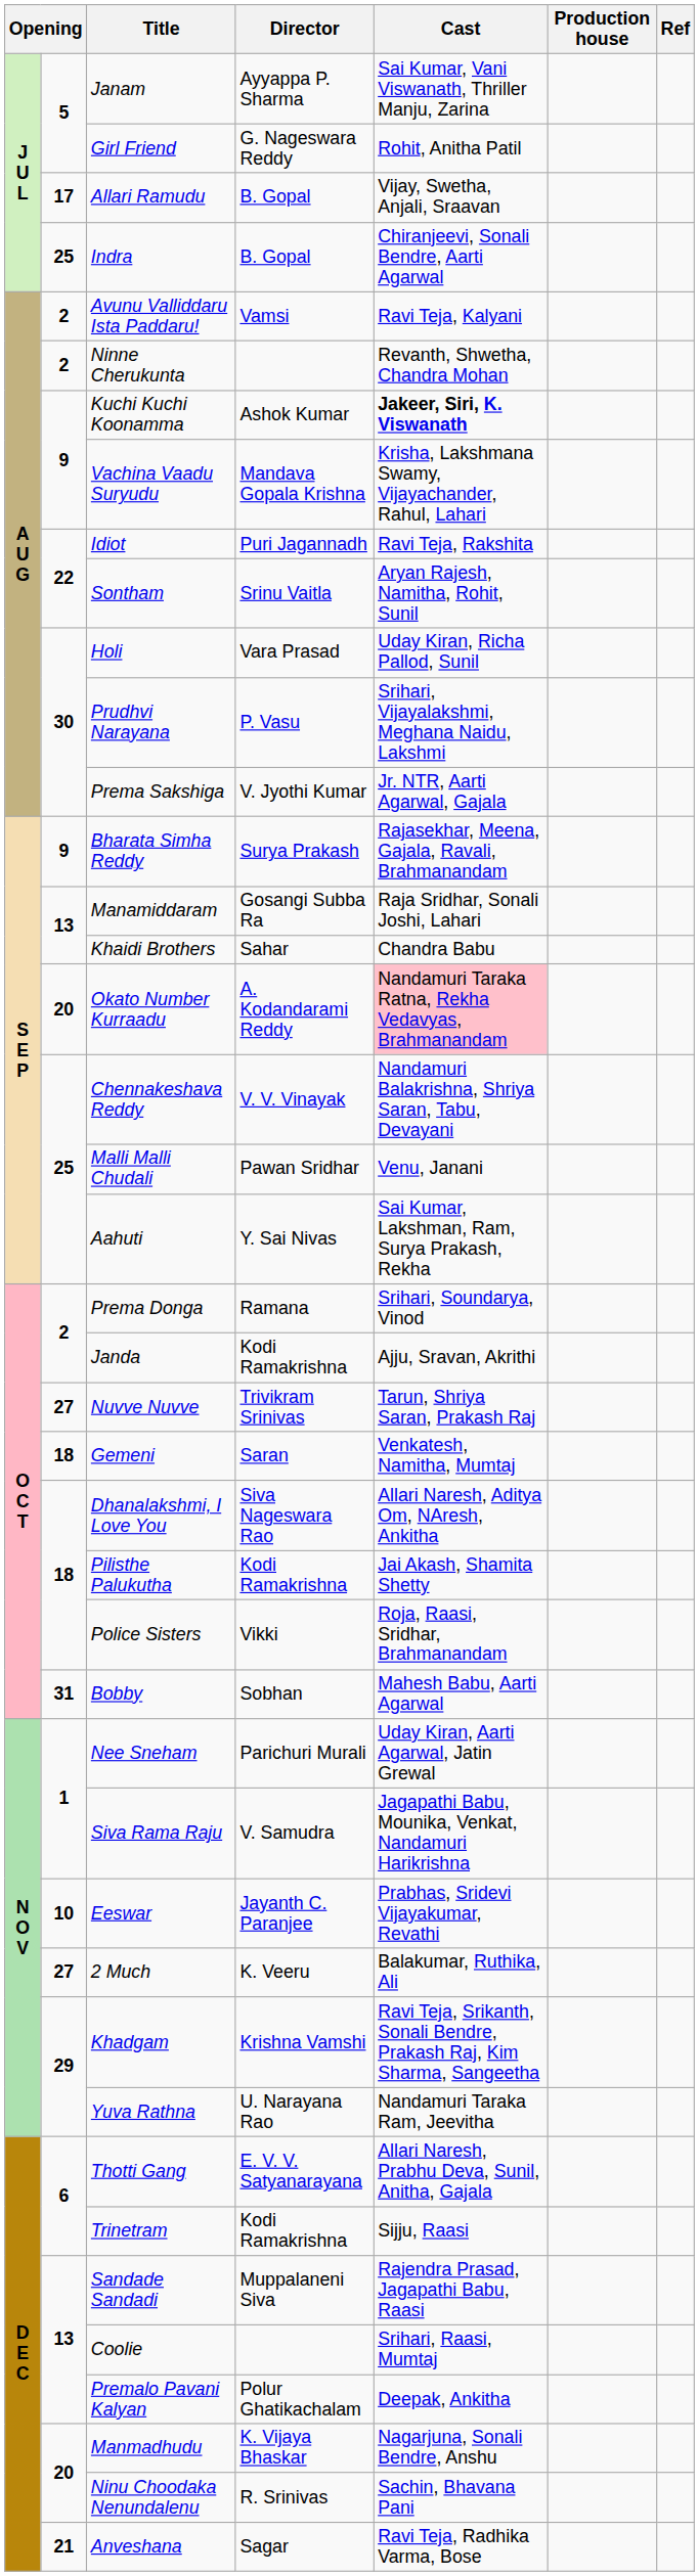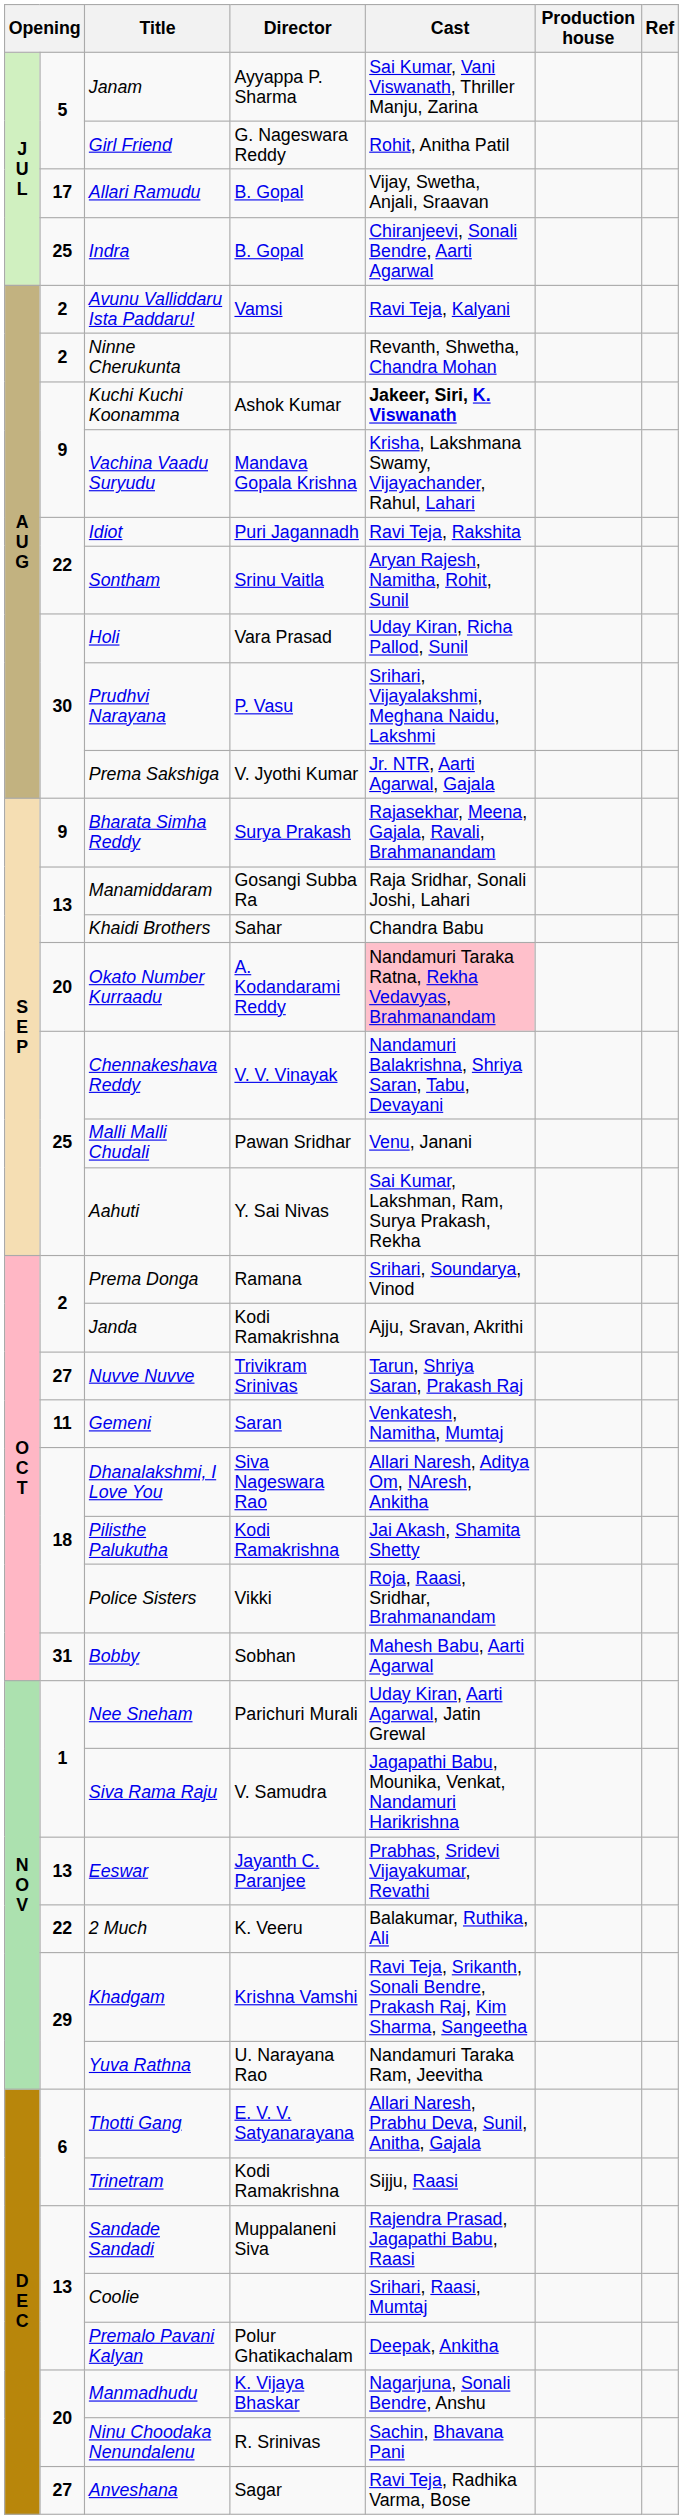 <table class="wikitable sortable">
 <tr style="background:#blue; text-align:center;">
 <th colspan="2">Opening</th>
 <th>Title</th>
 <th style="width:20%;"><strong>Director</strong></th>
 <th>Cast</th>
 <th>Production house</th>
 <th>Ref</th>
 </tr>
 <tr July!>
 <td rowspan="4" style="text-align:center; background:	#d0f0c0; textcolor:#000;"><strong>J<br>U<br>L</strong></td>
 <td rowspan="2" style="text-align:center;"><strong>5</strong></td>
 <td><em>Janam</em></td>
 <td>Ayyappa P. Sharma</td>
 <td><a href='#'>Sai Kumar</a>, <a href='#'>Vani Viswanath</a>, Thriller Manju, Zarina</td>
 <td></td>
 <td></td>
 </tr>
 <tr>
 <td><em><a href='#'>Girl Friend</a></em></td>
 <td>G. Nageswara Reddy</td>
 <td><a href='#'>Rohit</a>, Anitha Patil</td>
 <td></td>
 <td></td>
 </tr>
 <tr>
 <td rowspan="1" style="text-align:center;"><strong>17</strong></td>
 <td><em><a href='#'>Allari Ramudu</a></em></td>
 <td><a href='#'>B. Gopal</a></td>
 <td>Vijay, Swetha, Anjali, Sraavan</td>
 <td></td>
 <td></td>
 </tr>
 <tr>
 <td rowspan="1" style="text-align:center;"><strong>25</strong></td>
 <td><em><a href='#'>Indra</a></em></td>
 <td><a href='#'>B. Gopal</a></td>
 <td><a href='#'>Chiranjeevi</a>, <a href='#'>Sonali Bendre</a>, <a href='#'>Aarti Agarwal</a></td>
 <td></td>
 <td></td>
 </tr>
 <tr August!>
 <td rowspan="9" style="text-align:center; background:#c2b280;"><strong>A<br>U<br>G</strong></td>
 <td style="text-align:center;"><strong>2</strong></td>
 <td><em><a href='#'>Avunu Valliddaru Ista Paddaru!</a></em></td>
 <td><a href='#'>Vamsi</a></td>
 <td><a href='#'>Ravi Teja</a>, <a href='#'>Kalyani</a></td>
 <td></td>
 <td></td>
 </tr>
 <tr>
 <td rowspan="1" style="text-align:center;"><strong>2</strong></td>
 <td><em>Ninne Cherukunta</em></td>
 <td></td>
 <td>Revanth, Shwetha, <a href='#'>Chandra Mohan</a></td>
 <td></td>
 <td></td>
 </tr>
 <tr>
 <td rowspan="2" style="text-align:center;"><strong>9</strong></td>
 <td><em>Kuchi Kuchi Koonamma</em></td>
 <td>Ashok Kumar</td>
 <td><strong>Jakeer, Siri, <a href='#'>K. Viswanath</a></strong></td>
 <td></td>
 <td></td>
 </tr>
 <tr>
 <td><em><a href='#'>Vachina Vaadu Suryudu</a></em></td>
 <td><a href='#'>Mandava Gopala Krishna</a></td>
 <td><a href='#'>Krisha</a>, Lakshmana Swamy, <a href='#'>Vijayachander</a>, Rahul, <a href='#'>Lahari</a></td>
 <td></td>
 <td></td>
 </tr>
 <tr>
 <td rowspan="2" style="text-align:center;"><strong>22</strong></td>
 <td><em><a href='#'>Idiot</a></em></td>
 <td><a href='#'>Puri Jagannadh</a></td>
 <td><a href='#'>Ravi Teja</a>, <a href='#'>Rakshita</a></td>
 <td></td>
 <td></td>
 </tr>
 <tr>
 <td><em><a href='#'>Sontham</a></em></td>
 <td><a href='#'>Srinu Vaitla</a></td>
 <td><a href='#'>Aryan Rajesh</a>, <a href='#'>Namitha</a>, <a href='#'>Rohit</a>, <a href='#'>Sunil</a></td>
 <td></td>
 <td></td>
 </tr>
 <tr>
 <td rowspan="3" style="text-align:center;"><strong>30</strong></td>
 <td><em><a href='#'>Holi</a></em></td>
 <td>Vara Prasad</td>
 <td><a href='#'>Uday Kiran</a>, <a href='#'>Richa Pallod</a>, <a href='#'>Sunil</a></td>
 <td></td>
 <td></td>
 </tr>
 <tr>
 <td><em><a href='#'>Prudhvi Narayana</a></em></td>
 <td><a href='#'>P. Vasu</a></td>
 <td><a href='#'>Srihari</a>, <a href='#'>Vijayalakshmi</a>, <a href='#'>Meghana Naidu</a>, <a href='#'>Lakshmi</a></td>
 <td></td>
 <td></td>
 </tr>
 <tr>
 <td><em>Prema Sakshiga</em></td>
 <td>V. Jyothi Kumar</td>
 <td><a href='#'>Jr. NTR</a>, <a href='#'>Aarti Agarwal</a>, <a href='#'>Gajala</a></td>
 <td></td>
 <td></td>
 </tr>
 <tr September!>
 <td rowspan="7" style="text-align:center; background:wheat; textcolor:#000;"><strong>S<br>E<br>P</strong></td>
 <td rowspan="1" style="text-align:center;"><strong>9</strong></td>
 <td><em><a href='#'>Bharata Simha Reddy</a></em></td>
 <td><a href='#'>Surya Prakash</a></td>
 <td><a href='#'>Rajasekhar</a>, <a href='#'>Meena</a>, <a href='#'>Gajala</a>, <a href='#'>Ravali</a>, <a href='#'>Brahmanandam</a></td>
 <td></td>
 <td></td>
 </tr>
 <tr>
 <td rowspan="2" style="text-align:center;"><strong>13</strong></td>
 <td><em>Manamiddaram</em></td>
 <td>Gosangi Subba Ra</td>
 <td>Raja Sridhar, Sonali Joshi, Lahari</td>
 <td></td>
 <td></td>
 </tr>
 <tr>
 <td><em>Khaidi Brothers</em></td>
 <td>Sahar</td>
 <td>Chandra Babu</td>
 <td></td>
 <td></td>
 </tr>
 <tr>
 <td rowspan="1" style="text-align:center;"><strong>20</strong></td>
 <td><em><a href='#'>Okato Number Kurraadu</a></em></td>
 <td><a href='#'>A. Kodandarami Reddy</a></td>
 <td style="background: pink;">Nandamuri Taraka Ratna, <a href='#'>Rekha Vedavyas</a>, <a href='#'>Brahmanandam</a></td>
 <td></td>
 <td></td>
 </tr>
 <tr>
 <td rowspan="3" style="text-align:center;"><strong>25</strong></td>
 <td><em><a href='#'>Chennakeshava Reddy</a></em></td>
 <td><a href='#'>V. V. Vinayak</a></td>
 <td><a href='#'>Nandamuri Balakrishna</a>, <a href='#'>Shriya Saran</a>, <a href='#'>Tabu</a>, <a href='#'>Devayani</a></td>
 <td></td>
 <td></td>
 </tr>
 <tr>
 <td><em><a href='#'>Malli Malli Chudali</a></em></td>
 <td>Pawan Sridhar</td>
 <td><a href='#'>Venu</a>, Janani</td>
 <td></td>
 <td></td>
 </tr>
 <tr>
 <td><em>Aahuti</em></td>
 <td>Y. Sai Nivas</td>
 <td><a href='#'>Sai Kumar</a>, Lakshman, Ram, Surya Prakash, Rekha</td>
 <td></td>
 <td></td>
 </tr>
 <tr October!>
 <td rowspan="8" style="text-align:center; background:#ffb7c5;"><strong>O<br>C<br>T</strong></td>
 <td rowspan="2" style="text-align:center;"><strong>2</strong></td>
 <td><em>Prema Donga</em></td>
 <td>Ramana</td>
 <td><a href='#'>Srihari</a>, <a href='#'>Soundarya</a>, Vinod</td>
 <td></td>
 <td></td>
 </tr>
 <tr>
 <td><em>Janda</em></td>
 <td>Kodi Ramakrishna</td>
 <td>Ajju, Sravan, Akrithi</td>
 <td></td>
 <td></td>
 </tr>
 <tr>
 <td style="text-align:center;"><strong>27</strong></td>
 <td><em><a href='#'>Nuvve Nuvve</a></em></td>
 <td><a href='#'>Trivikram Srinivas</a></td>
 <td><a href='#'>Tarun</a>, <a href='#'>Shriya Saran</a>, <a href='#'>Prakash Raj</a></td>
 <td></td>
 <td></td>
 </tr>
 <tr>
-<td style="text-align:center;"><strong>18</strong></td>
+<td style="text-align:center;"><strong>11</strong></td>
 <td><em><a href='#'>Gemeni</a></em></td>
 <td><a href='#'>Saran</a></td>
 <td><a href='#'>Venkatesh</a>, <a href='#'>Namitha</a>, <a href='#'>Mumtaj</a></td>
 <td></td>
 <td></td>
 </tr>
 <tr>
 <td rowspan="3" style="text-align:center;"><strong>18</strong></td>
 <td><em><a href='#'>Dhanalakshmi, I Love You</a></em></td>
 <td><a href='#'>Siva Nageswara Rao</a></td>
 <td><a href='#'>Allari Naresh</a>, <a href='#'>Aditya Om</a>, <a href='#'>NAresh</a>, <a href='#'>Ankitha</a></td>
 <td></td>
 <td></td>
 </tr>
 <tr>
 <td><em><a href='#'>Pilisthe Palukutha</a></em></td>
 <td><a href='#'>Kodi Ramakrishna</a></td>
 <td><a href='#'>Jai Akash</a>, <a href='#'>Shamita Shetty</a></td>
 <td></td>
 <td></td>
 </tr>
 <tr>
 <td><em>Police Sisters</em></td>
 <td>Vikki</td>
 <td><a href='#'>Roja</a>, <a href='#'>Raasi</a>, Sridhar, <a href='#'>Brahmanandam</a></td>
 <td></td>
 <td></td>
 </tr>
 <tr>
 <td style="text-align:center;"><strong>31</strong></td>
 <td><em><a href='#'>Bobby</a></em></td>
 <td>Sobhan</td>
 <td><a href='#'>Mahesh Babu</a>, <a href='#'>Aarti Agarwal</a></td>
 <td></td>
 <td></td>
 </tr>
 <tr November!>
 <td rowspan="6" style="text-align:center; background:#ace1af;"><strong>N<br>O<br>V</strong></td>
 <td rowspan="2" style="text-align:center;"><strong>1</strong></td>
 <td><em><a href='#'>Nee Sneham</a></em></td>
 <td>Parichuri Murali</td>
 <td><a href='#'>Uday Kiran</a>, <a href='#'>Aarti Agarwal</a>, Jatin Grewal</td>
 <td></td>
 <td></td>
 </tr>
 <tr>
 <td><em><a href='#'>Siva Rama Raju</a></em></td>
 <td>V. Samudra</td>
 <td><a href='#'>Jagapathi Babu</a>, Mounika, Venkat, <a href='#'>Nandamuri Harikrishna</a></td>
 <td></td>
 <td></td>
 </tr>
 <tr>
-<td rowspan="1" style="text-align:center;"><strong>10</strong></td>
+<td rowspan="1" style="text-align:center;"><strong>13</strong></td>
 <td><em><a href='#'>Eeswar</a></em></td>
 <td><a href='#'>Jayanth C. Paranjee</a></td>
 <td><a href='#'>Prabhas</a>, <a href='#'>Sridevi Vijayakumar</a>, <a href='#'>Revathi</a></td>
 <td></td>
 <td></td>
 </tr>
 <tr>
-<td rowspan="1" style="text-align:center;"><strong>27</strong></td>
+<td rowspan="1" style="text-align:center;"><strong>22</strong></td>
 <td><em>2 Much</em></td>
 <td>K. Veeru</td>
 <td>Balakumar, <a href='#'>Ruthika</a>, <a href='#'>Ali</a></td>
 <td></td>
 <td></td>
 </tr>
 <tr>
 <td rowspan="2" style="text-align:center;"><strong>29</strong></td>
 <td><em><a href='#'>Khadgam</a></em></td>
 <td><a href='#'>Krishna Vamshi</a></td>
 <td><a href='#'>Ravi Teja</a>, <a href='#'>Srikanth</a>, <a href='#'>Sonali Bendre</a>, <a href='#'>Prakash Raj</a>, <a href='#'>Kim Sharma</a>, <a href='#'>Sangeetha</a></td>
 <td></td>
 <td></td>
 </tr>
 <tr>
 <td><em><a href='#'>Yuva Rathna</a></em></td>
 <td>U. Narayana Rao</td>
 <td>Nandamuri Taraka Ram, Jeevitha</td>
 <td></td>
 <td></td>
 </tr>
 <tr December!>
 <td rowspan="8" style="text-align:center; background:#b8860b;"><strong>D<br>E<br>C</strong></td>
 <td rowspan="2" style="text-align:center;"><strong>6</strong></td>
 <td><em><a href='#'>Thotti Gang</a></em></td>
 <td><a href='#'>E. V. V. Satyanarayana</a></td>
 <td><a href='#'>Allari Naresh</a>, <a href='#'>Prabhu Deva</a>, <a href='#'>Sunil</a>, <a href='#'>Anitha</a>, <a href='#'>Gajala</a></td>
 <td></td>
 <td></td>
 </tr>
 <tr>
 <td><em><a href='#'>Trinetram</a></em></td>
 <td>Kodi Ramakrishna</td>
 <td>Sijju, <a href='#'>Raasi</a></td>
 <td></td>
 <td></td>
 </tr>
 <tr>
 <td rowspan="3" style="text-align:center;"><strong>13</strong></td>
 <td><em><a href='#'>Sandade Sandadi</a></em></td>
 <td>Muppalaneni Siva</td>
 <td><a href='#'>Rajendra Prasad</a>, <a href='#'>Jagapathi Babu</a>, <a href='#'>Raasi</a></td>
 <td></td>
 <td></td>
 </tr>
 <tr>
 <td><em>Coolie</em></td>
 <td></td>
 <td><a href='#'>Srihari</a>, <a href='#'>Raasi</a>, <a href='#'>Mumtaj</a></td>
 <td></td>
 <td></td>
 </tr>
 <tr>
 <td><em><a href='#'>Premalo Pavani Kalyan</a></em></td>
 <td>Polur Ghatikachalam</td>
 <td><a href='#'>Deepak</a>, <a href='#'>Ankitha</a></td>
 <td></td>
 <td></td>
 </tr>
 <tr>
 <td rowspan="2" style="text-align:center;"><strong>20</strong></td>
 <td><em><a href='#'>Manmadhudu</a></em></td>
 <td><a href='#'>K. Vijaya Bhaskar</a></td>
 <td><a href='#'>Nagarjuna</a>, <a href='#'>Sonali Bendre</a>, Anshu</td>
 <td></td>
 <td></td>
 </tr>
 <tr>
 <td><em><a href='#'>Ninu Choodaka Nenundalenu</a></em></td>
 <td>R. Srinivas</td>
 <td><a href='#'>Sachin</a>, <a href='#'>Bhavana Pani</a></td>
 <td></td>
 <td></td>
 </tr>
 <tr>
-<td style="text-align:center;"><strong>21</strong></td>
+<td style="text-align:center;"><strong>27</strong></td>
 <td><em><a href='#'>Anveshana</a></em></td>
 <td>Sagar</td>
 <td><a href='#'>Ravi Teja</a>, Radhika Varma, Bose</td>
 <td></td>
 <td></td>
 </tr>
 </table>
